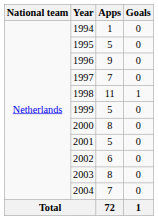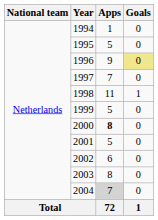 <table class="wikitable" style="text-align:center">
 <tr>
 <th>National team</th>
 <th>Year</th>
 <th>Apps</th>
 <th>Goals</th>
 </tr>
 <tr>
 <td rowspan="11"><a href='#'>Netherlands</a></td>
 <td>1994</td>
 <td>1</td>
 <td>0</td>
 </tr>
 <tr>
 <td>1995</td>
 <td>5</td>
 <td>0</td>
 </tr>
 <tr>
 <td>1996</td>
 <td>9</td>
-<td>0</td>
+<td style="background: khaki;">0</td>
 </tr>
 <tr>
 <td>1997</td>
 <td>7</td>
 <td>0</td>
 </tr>
 <tr>
 <td>1998</td>
 <td>11</td>
 <td>1</td>
 </tr>
 <tr>
 <td>1999</td>
 <td>5</td>
 <td>0</td>
 </tr>
 <tr>
 <td>2000</td>
-<td>8</td>
+<td><strong>8</strong></td>
 <td>0</td>
 </tr>
 <tr>
 <td>2001</td>
 <td>5</td>
 <td>0</td>
 </tr>
 <tr>
 <td>2002</td>
 <td>6</td>
 <td>0</td>
 </tr>
 <tr>
 <td>2003</td>
 <td>8</td>
 <td>0</td>
 </tr>
 <tr>
 <td>2004</td>
-<td>7</td>
+<td style="background: lightgrey;">7</td>
 <td>0</td>
 </tr>
 <tr>
 <th colspan="2">Total</th>
 <th>72</th>
 <th>1</th>
 </tr>
 </table>
